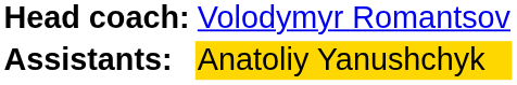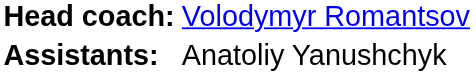 <table>
 <tr>
 <td><strong>Head coach:</strong></td>
 <td> <a href='#'>Volodymyr Romantsov</a></td>
 </tr>
 <tr>
 <td><strong>Assistants:</strong></td>
-<td style="background: gold;"> Anatoliy Yanushchyk</td>
+<td> Anatoliy Yanushchyk</td>
 </tr>
 </table>
